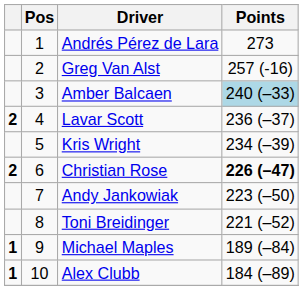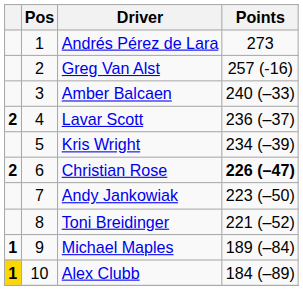 <table class="wikitable" style="font-size: 95%;">
 <tr>
 <th></th>
 <th>Pos</th>
 <th>Driver</th>
 <th>Points</th>
 </tr>
 <tr>
 <td align="left"></td>
 <td style="text-align:center;">1</td>
 <td><a href='#'>Andrés Pérez de Lara</a></td>
 <td style="text-align:center;">273</td>
 </tr>
 <tr>
 <td align="left"></td>
 <td style="text-align:center;">2</td>
 <td><a href='#'>Greg Van Alst</a></td>
 <td style="text-align:center;">257 (-16)</td>
 </tr>
 <tr>
 <td align="left"></td>
 <td style="text-align:center;">3</td>
 <td><a href='#'>Amber Balcaen</a></td>
-<td style="background: lightblue; text-align:center;">240 (–33)</td>
+<td style="text-align:center;">240 (–33)</td>
 </tr>
 <tr>
 <td align="left"> <strong>2</strong></td>
 <td style="text-align:center;">4</td>
 <td><a href='#'>Lavar Scott</a></td>
 <td style="text-align:center;">236 (–37)</td>
 </tr>
 <tr>
 <td align="left"></td>
 <td style="text-align:center;">5</td>
 <td><a href='#'>Kris Wright</a></td>
 <td style="text-align:center;">234 (–39)</td>
 </tr>
 <tr>
 <td align="left"> <strong>2</strong></td>
 <td style="text-align:center;">6</td>
 <td><a href='#'>Christian Rose</a></td>
 <td style="text-align:center;"><strong>226 (–47)</strong></td>
 </tr>
 <tr>
 <td align="left"></td>
 <td style="text-align:center;">7</td>
 <td><a href='#'>Andy Jankowiak</a></td>
 <td style="text-align:center;">223 (–50)</td>
 </tr>
 <tr>
 <td align="left"></td>
 <td style="text-align:center;">8</td>
 <td><a href='#'>Toni Breidinger</a></td>
 <td style="text-align:center;">221 (–52)</td>
 </tr>
 <tr>
 <td align="left"> <strong>1</strong></td>
 <td style="text-align:center;">9</td>
 <td><a href='#'>Michael Maples</a></td>
 <td style="text-align:center;">189 (–84)</td>
 </tr>
 <tr>
-<td align="left"> <strong>1</strong></td>
+<td align="left" style="background: gold;"> <strong>1</strong></td>
 <td style="text-align:center;">10</td>
 <td><a href='#'>Alex Clubb</a></td>
 <td style="text-align:center;">184 (–89)</td>
 </tr>
 <tr class="sortbottom">
 </tr>
 </table>
